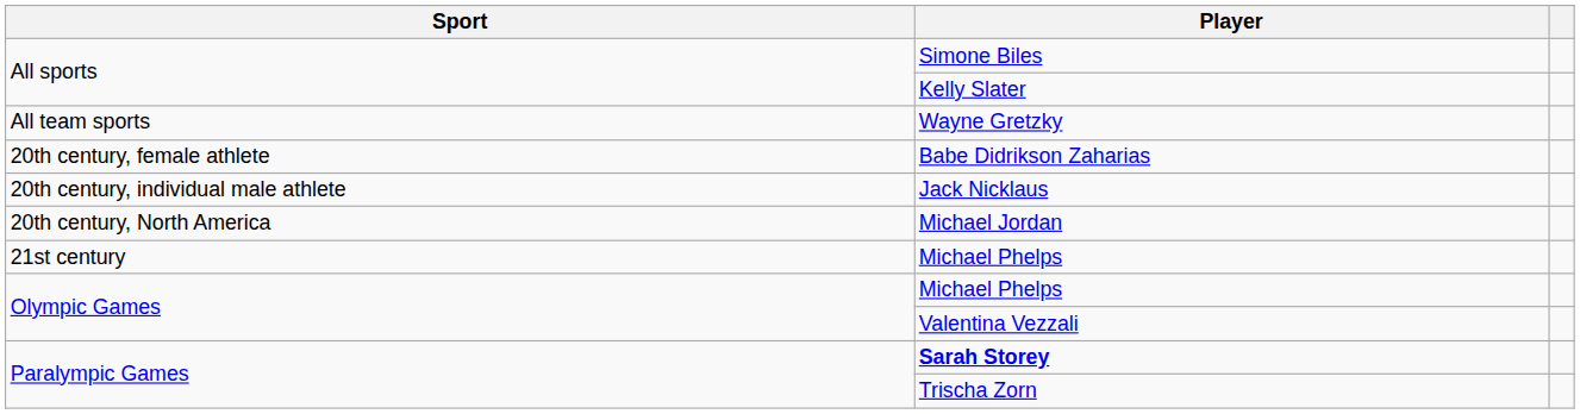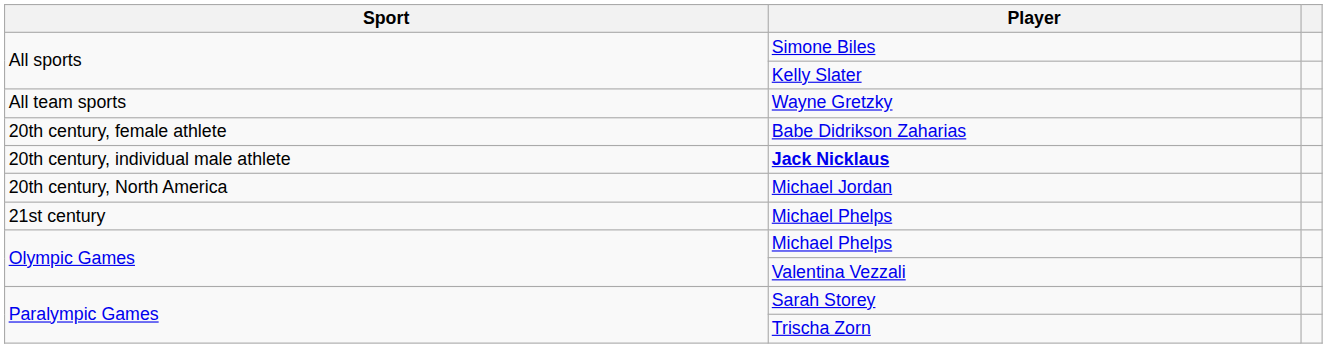 <table class="wikitable mw-uncollapsed" style="width:75%;">
 <tr>
 <th>Sport</th>
 <th>Player</th>
 <th></th>
 </tr>
 <tr>
 <td rowspan="2">All sports</td>
 <td><a href='#'>Simone Biles</a></td>
 <td></td>
 </tr>
 <tr>
 <td><a href='#'>Kelly Slater</a></td>
 <td></td>
 </tr>
 <tr>
 <td>All team sports</td>
 <td><a href='#'>Wayne Gretzky</a></td>
 <td></td>
 </tr>
 <tr>
 <td>20th century, female athlete</td>
 <td><a href='#'>Babe Didrikson Zaharias</a></td>
 <td></td>
 </tr>
 <tr>
 <td>20th century, individual male athlete</td>
-<td><a href='#'>Jack Nicklaus</a></td>
+<td><strong><a href='#'>Jack Nicklaus</a></strong></td>
 <td></td>
 </tr>
 <tr>
 <td>20th century, North America</td>
 <td><a href='#'>Michael Jordan</a></td>
 <td></td>
 </tr>
 <tr>
 <td>21st century</td>
 <td><a href='#'>Michael Phelps</a></td>
 <td></td>
 </tr>
 <tr>
 <td rowspan="2"><a href='#'>Olympic Games</a></td>
 <td><a href='#'>Michael Phelps</a></td>
 <td></td>
 </tr>
 <tr>
 <td><a href='#'>Valentina Vezzali</a></td>
 <td></td>
 </tr>
 <tr>
 <td rowspan="2"><a href='#'>Paralympic Games</a></td>
-<td><strong><a href='#'>Sarah Storey</a></strong></td>
+<td><a href='#'>Sarah Storey</a></td>
 <td></td>
 </tr>
 <tr>
 <td><a href='#'>Trischa Zorn</a></td>
 <td></td>
 </tr>
 </table>
